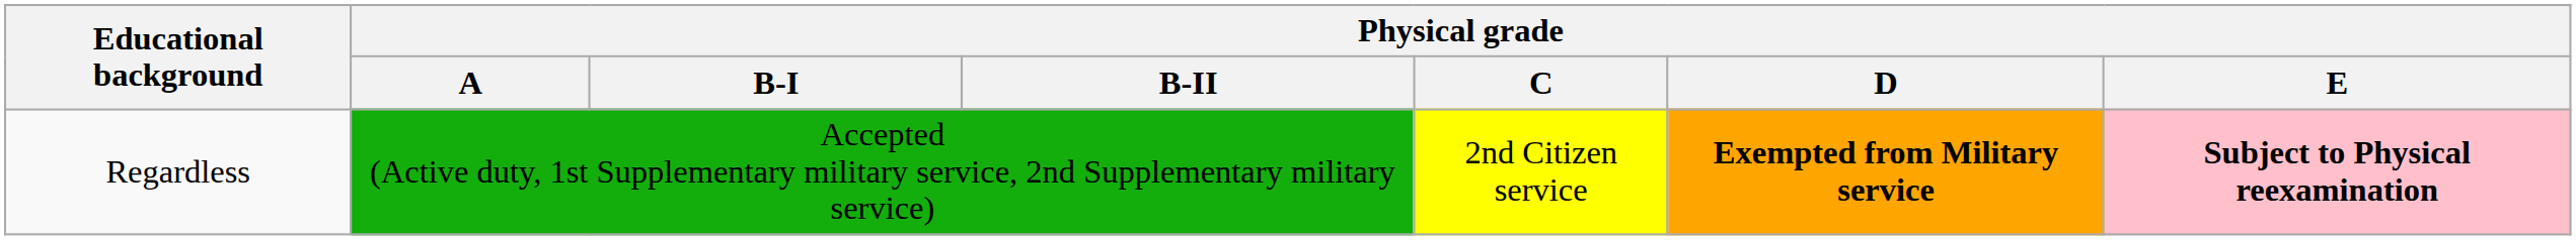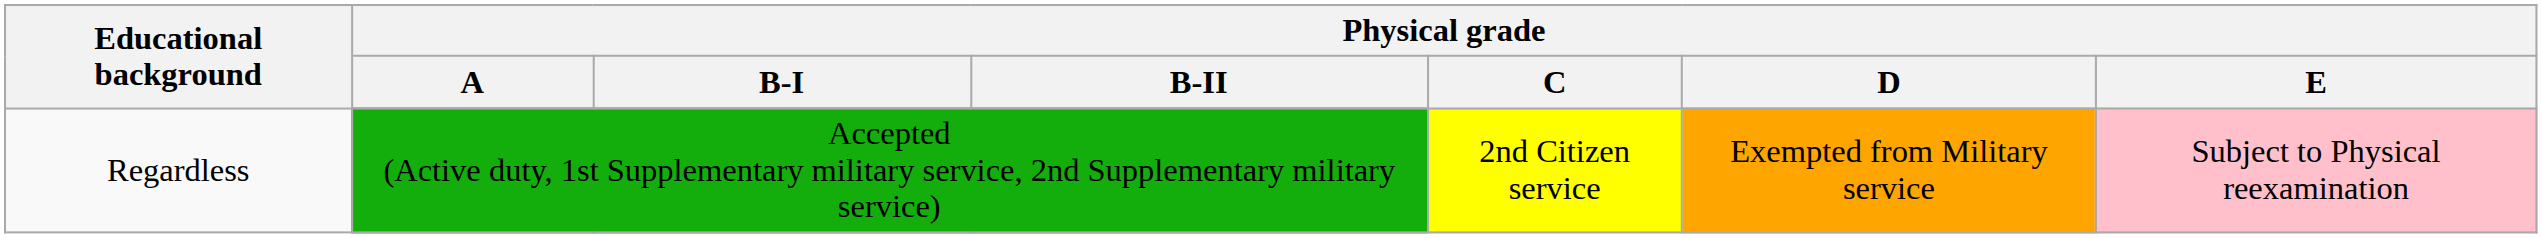 <table class="wikitable">
 <tr>
 <th rowspan="2">Educational background</th>
 <th colspan="6">Physical grade</th>
 </tr>
 <tr>
 <th>A</th>
 <th>B-I</th>
 <th>B-II</th>
 <th>C</th>
 <th>D</th>
 <th>E</th>
 </tr>
 <tr>
 <td div style="text-align:center">Regardless</td>
 <td colspan="3" div style="background:#13ae0c; text-align:center;">Accepted<br>(Active duty, 1st Supplementary military service, 2nd Supplementary military service)</td>
 <td div style="background:yellow; text-align:center;">2nd Citizen service</td>
-<td div style="background:orange; text-align:center;"><strong>Exempted from Military service</strong></td>
-<td div style="background:pink; text-align:center;"><strong>Subject to Physical reexamination</strong></td>
+<td div style="background:orange; text-align:center;">Exempted from Military service</td>
+<td div style="background:pink; text-align:center;">Subject to Physical reexamination</td>
 </tr>
 </table>
